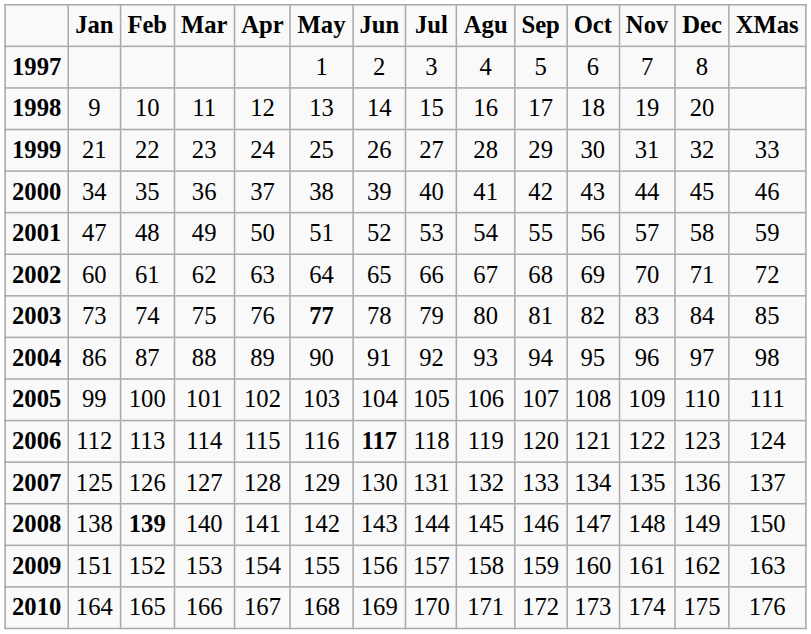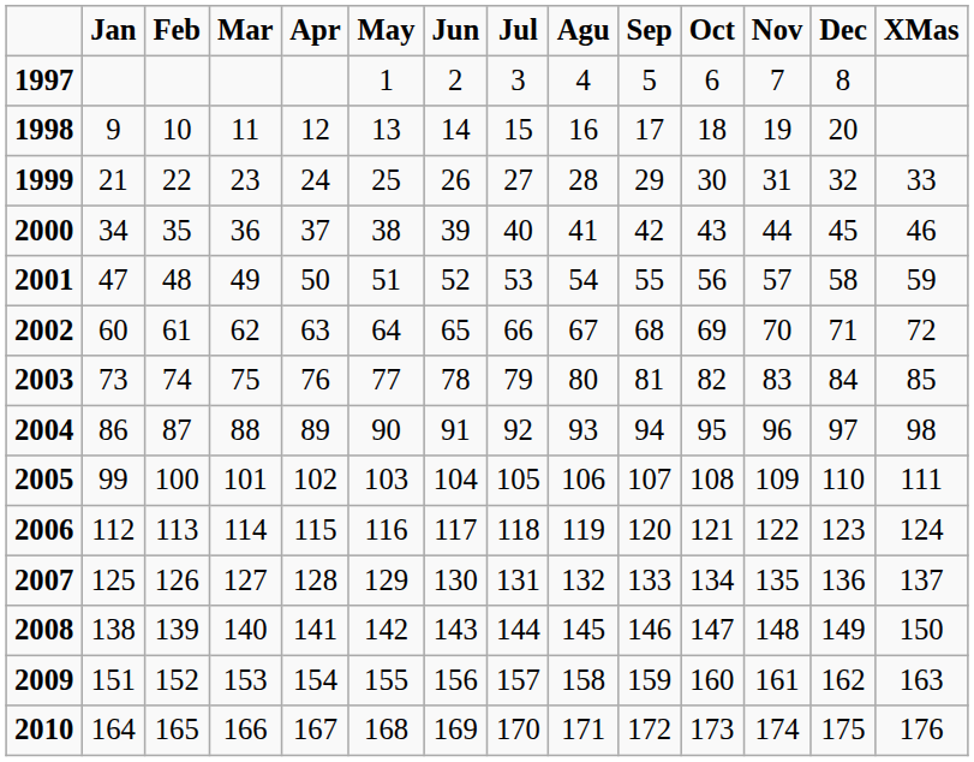 <table border=1 cellspacing=0 cellpadding=4 style="align:center; margin-left:0.5em; margin-bottom:0.5em; background: #f9f9f9; border: 1px #aaaaaa solid; border-collapse: collapse;">
 <tr>
 <td align = "center"> </td>
 <td align = "center"><strong>Jan</strong></td>
 <td align = "center"><strong>Feb</strong></td>
 <td align = "center"><strong>Mar</strong></td>
 <td align = "center"><strong>Apr</strong></td>
 <td align = "center"><strong>May</strong></td>
 <td align = "center"><strong>Jun</strong></td>
 <td align = "center"><strong>Jul</strong></td>
 <td align = "center"><strong>Agu</strong></td>
 <td align = "center"><strong>Sep</strong></td>
 <td align = "center"><strong>Oct</strong></td>
 <td align = "center"><strong>Nov</strong></td>
 <td align = "center"><strong>Dec</strong></td>
 <td align = "center"><strong>XMas</strong></td>
 </tr>
 <tr>
 <td align = "center"><strong>1997</strong></td>
 <td align = "center"></td>
 <td align = "center"></td>
 <td align = "center"></td>
 <td align = "center"></td>
 <td align = "center">1</td>
 <td align = "center">2</td>
 <td align = "center">3</td>
 <td align = "center">4</td>
 <td align = "center">5</td>
 <td align = "center">6</td>
 <td align = "center">7</td>
 <td align = "center">8</td>
 </tr>
 <tr>
 <td align = "center"><strong>1998</strong></td>
 <td align = "center">9</td>
 <td align = "center">10</td>
 <td align = "center">11</td>
 <td align = "center">12</td>
 <td align = "center">13</td>
 <td align = "center">14</td>
 <td align = "center">15</td>
 <td align = "center">16</td>
 <td align = "center">17</td>
 <td align = "center">18</td>
 <td align = "center">19</td>
 <td align = "center">20</td>
 <td align = "center"></td>
 </tr>
 <tr>
 <td align = "center"><strong>1999</strong></td>
 <td align = "center">21</td>
 <td align = "center">22</td>
 <td align = "center">23</td>
 <td align = "center">24</td>
 <td align = "center">25</td>
 <td align = "center">26</td>
 <td align = "center">27</td>
 <td align = "center">28</td>
 <td align = "center">29</td>
 <td align = "center">30</td>
 <td align = "center">31</td>
 <td align = "center">32</td>
 <td align = "center">33</td>
 </tr>
 <tr>
 <td align = "center"><strong>2000</strong></td>
 <td align = "center">34</td>
 <td align = "center">35</td>
 <td align = "center">36</td>
 <td align = "center">37</td>
 <td align = "center">38</td>
 <td align = "center">39</td>
 <td align = "center">40</td>
 <td align = "center">41</td>
 <td align = "center">42</td>
 <td align = "center">43</td>
 <td align = "center">44</td>
 <td align = "center">45</td>
 <td align = "center">46</td>
 </tr>
 <tr>
 <td align = "center"><strong>2001</strong></td>
 <td align = "center">47</td>
 <td align = "center">48</td>
 <td align = "center">49</td>
 <td align = "center">50</td>
 <td align = "center">51</td>
 <td align = "center">52</td>
 <td align = "center">53</td>
 <td align = "center">54</td>
 <td align = "center">55</td>
 <td align = "center">56</td>
 <td align = "center">57</td>
 <td align = "center">58</td>
 <td align = "center">59</td>
 </tr>
 <tr>
 <td align = "center"><strong>2002</strong></td>
 <td align = "center">60</td>
 <td align = "center">61</td>
 <td align = "center">62</td>
 <td align = "center">63</td>
 <td align = "center">64</td>
 <td align = "center">65</td>
 <td align = "center">66</td>
 <td align = "center">67</td>
 <td align = "center">68</td>
 <td align = "center">69</td>
 <td align = "center">70</td>
 <td align = "center">71</td>
 <td align = "center">72</td>
 </tr>
 <tr>
 <td align = "center"><strong>2003</strong></td>
 <td align = "center">73</td>
 <td align = "center">74</td>
 <td align = "center">75</td>
 <td align = "center">76</td>
-<td align = "center"><strong>77</strong></td>
+<td align = "center">77</td>
 <td align = "center">78</td>
 <td align = "center">79</td>
 <td align = "center">80</td>
 <td align = "center">81</td>
 <td align = "center">82</td>
 <td align = "center">83</td>
 <td align = "center">84</td>
 <td align = "center">85</td>
 </tr>
 <tr>
 <td align = "center"><strong>2004</strong></td>
 <td align = "center">86</td>
 <td align = "center">87</td>
 <td align = "center">88</td>
 <td align = "center">89</td>
 <td align = "center">90</td>
 <td align = "center">91</td>
 <td align = "center">92</td>
 <td align = "center">93</td>
 <td align = "center">94</td>
 <td align = "center">95</td>
 <td align = "center">96</td>
 <td align = "center">97</td>
 <td align = "center">98</td>
 </tr>
 <tr>
 <td align = "center"><strong>2005</strong></td>
 <td align = "center">99</td>
 <td align = "center">100</td>
 <td align = "center">101</td>
 <td align = "center">102</td>
 <td align = "center">103</td>
 <td align = "center">104</td>
 <td align = "center">105</td>
 <td align = "center">106</td>
 <td align = "center">107</td>
 <td align = "center">108</td>
 <td align = "center">109</td>
 <td align = "center">110</td>
 <td align = "center">111</td>
 </tr>
 <tr>
 <td align = "center"><strong>2006</strong></td>
 <td align = "center">112</td>
 <td align = "center">113</td>
 <td align = "center">114</td>
 <td align = "center">115</td>
 <td align = "center">116</td>
-<td align = "center"><strong>117</strong></td>
+<td align = "center">117</td>
 <td align = "center">118</td>
 <td align = "center">119</td>
 <td align = "center">120</td>
 <td align = "center">121</td>
 <td align = "center">122</td>
 <td align = "center">123</td>
 <td align = "center">124</td>
 </tr>
 <tr>
 <td align = "center"><strong>2007</strong></td>
 <td align = "center">125</td>
 <td align = "center">126</td>
 <td align = "center">127</td>
 <td align = "center">128</td>
 <td align = "center">129</td>
 <td align = "center">130</td>
 <td align = "center">131</td>
 <td align = "center">132</td>
 <td align = "center">133</td>
 <td align = "center">134</td>
 <td align = "center">135</td>
 <td align = "center">136</td>
 <td align = "center">137</td>
 </tr>
 <tr>
 <td align = "center"><strong>2008</strong></td>
 <td align = "center">138</td>
-<td align = "center"><strong>139</strong></td>
+<td align = "center">139</td>
 <td align = "center">140</td>
 <td align = "center">141</td>
 <td align = "center">142</td>
 <td align = "center">143</td>
 <td align = "center">144</td>
 <td align = "center">145</td>
 <td align = "center">146</td>
 <td align = "center">147</td>
 <td align = "center">148</td>
 <td align = "center">149</td>
 <td align = "center">150</td>
 </tr>
 <tr>
 <td align = "center"><strong>2009</strong></td>
 <td align = "center">151</td>
 <td align = "center">152</td>
 <td align = "center">153</td>
 <td align = "center">154</td>
 <td align = "center">155</td>
 <td align = "center">156</td>
 <td align = "center">157</td>
 <td align = "center">158</td>
 <td align = "center">159</td>
 <td align = "center">160</td>
 <td align = "center">161</td>
 <td align = "center">162</td>
 <td align = "center">163</td>
 </tr>
 <tr>
 <td align = "center"><strong>2010</strong></td>
 <td align = "center">164</td>
 <td align = "center">165</td>
 <td align = "center">166</td>
 <td align = "center">167</td>
 <td align = "center">168</td>
 <td align = "center">169</td>
 <td align = "center">170</td>
 <td align = "center">171</td>
 <td align = "center">172</td>
 <td align = "center">173</td>
 <td align = "center">174</td>
 <td align = "center">175</td>
 <td align = "center">176</td>
 </tr>
 </table>
